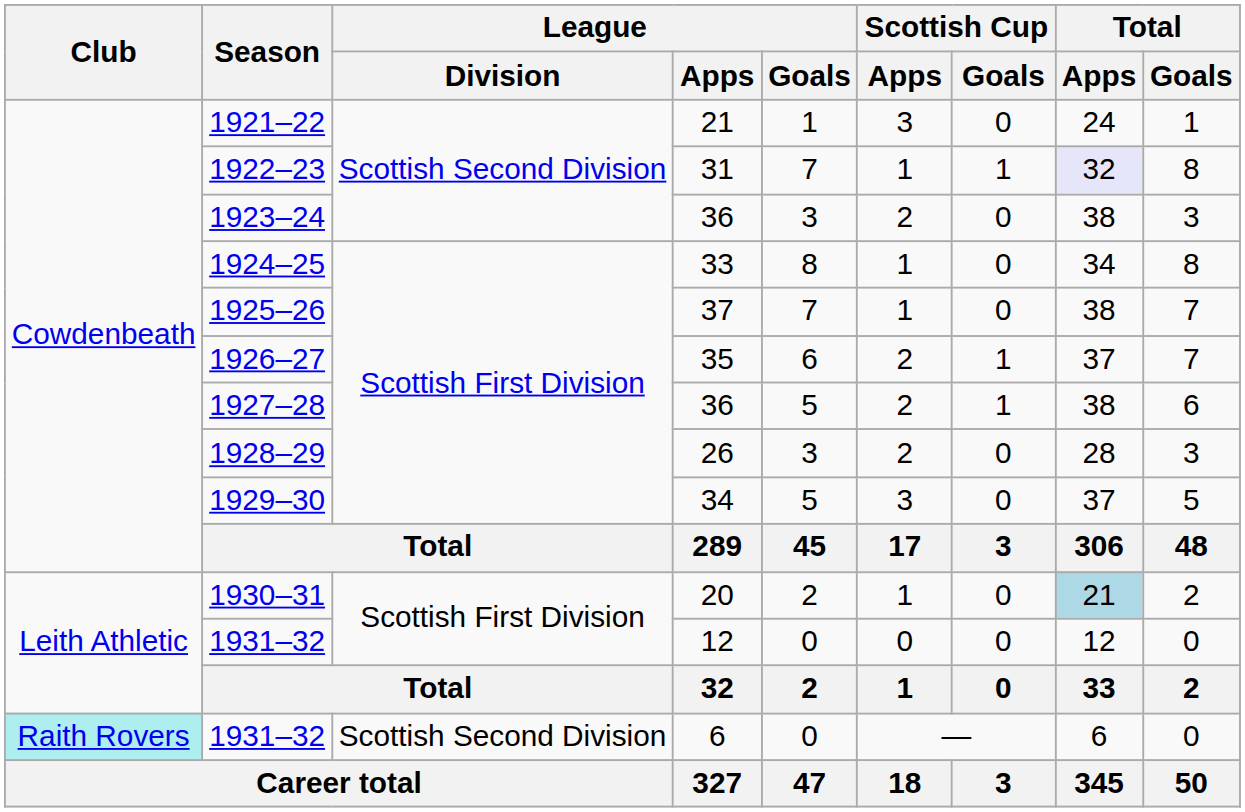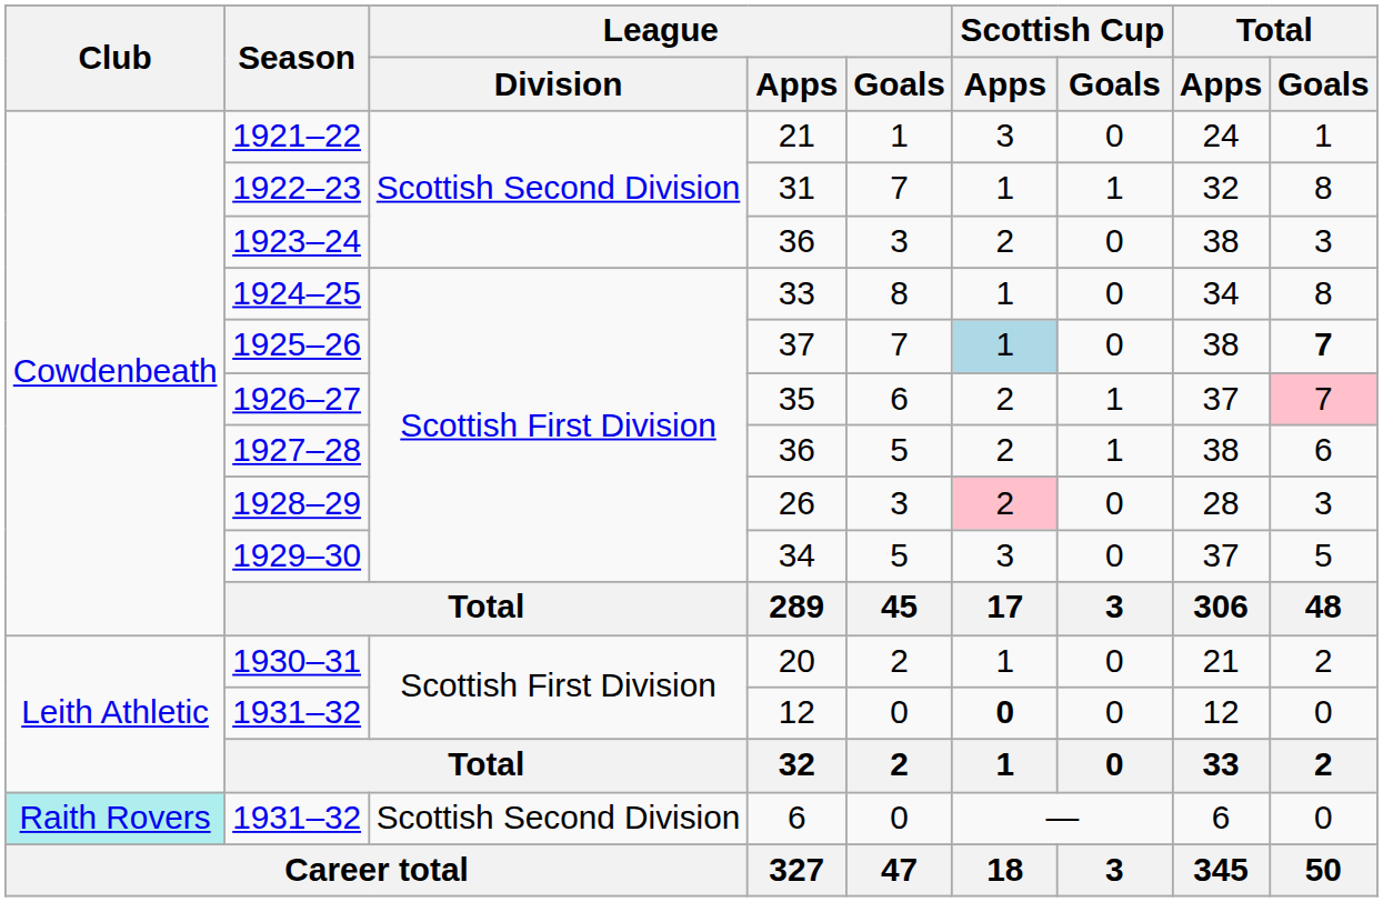 <table class="wikitable" style="text-align: center;">
 <tr>
 <th rowspan="2">Club</th>
 <th rowspan="2">Season</th>
 <th colspan="3">League</th>
 <th colspan="2">Scottish Cup</th>
 <th colspan="2">Total</th>
 </tr>
 <tr>
 <th>Division</th>
 <th>Apps</th>
 <th>Goals</th>
 <th>Apps</th>
 <th>Goals</th>
 <th>Apps</th>
 <th>Goals</th>
 </tr>
 <tr>
 <td rowspan="10"><a href='#'>Cowdenbeath</a></td>
 <td><a href='#'>1921–22</a></td>
 <td rowspan="3"><a href='#'>Scottish Second Division</a></td>
 <td>21</td>
 <td>1</td>
 <td>3</td>
 <td>0</td>
 <td>24</td>
 <td>1</td>
 </tr>
 <tr>
 <td><a href='#'>1922–23</a></td>
 <td>31</td>
 <td>7</td>
 <td>1</td>
 <td>1</td>
-<td style="background: lavender;">32</td>
+<td>32</td>
 <td>8</td>
 </tr>
 <tr>
 <td><a href='#'>1923–24</a></td>
 <td>36</td>
 <td>3</td>
 <td>2</td>
 <td>0</td>
 <td>38</td>
 <td>3</td>
 </tr>
 <tr>
 <td><a href='#'>1924–25</a></td>
 <td rowspan="6"><a href='#'>Scottish First Division</a></td>
 <td>33</td>
 <td>8</td>
 <td>1</td>
 <td>0</td>
 <td>34</td>
 <td>8</td>
 </tr>
 <tr>
 <td><a href='#'>1925–26</a></td>
 <td>37</td>
 <td>7</td>
-<td>1</td>
+<td style="background: lightblue;">1</td>
 <td>0</td>
 <td>38</td>
-<td>7</td>
+<td><strong>7</strong></td>
 </tr>
 <tr>
 <td><a href='#'>1926–27</a></td>
 <td>35</td>
 <td>6</td>
 <td>2</td>
 <td>1</td>
 <td>37</td>
-<td>7</td>
+<td style="background: pink;">7</td>
 </tr>
 <tr>
 <td><a href='#'>1927–28</a></td>
 <td>36</td>
 <td>5</td>
 <td>2</td>
 <td>1</td>
 <td>38</td>
 <td>6</td>
 </tr>
 <tr>
 <td><a href='#'>1928–29</a></td>
 <td>26</td>
 <td>3</td>
-<td>2</td>
+<td style="background: pink;">2</td>
 <td>0</td>
 <td>28</td>
 <td>3</td>
 </tr>
 <tr>
 <td><a href='#'>1929–30</a></td>
 <td>34</td>
 <td>5</td>
 <td>3</td>
 <td>0</td>
 <td>37</td>
 <td>5</td>
 </tr>
 <tr>
 <th colspan="2">Total</th>
 <th>289</th>
 <th>45</th>
 <th>17</th>
 <th>3</th>
 <th>306</th>
 <th>48</th>
 </tr>
 <tr>
 <td rowspan="3"><a href='#'>Leith Athletic</a></td>
 <td><a href='#'>1930–31</a></td>
 <td rowspan="2">Scottish First Division</td>
 <td>20</td>
 <td>2</td>
 <td>1</td>
 <td>0</td>
-<td style="background: lightblue;">21</td>
+<td>21</td>
 <td>2</td>
 </tr>
 <tr>
 <td><a href='#'>1931–32</a></td>
 <td>12</td>
 <td>0</td>
-<td>0</td>
+<td><strong>0</strong></td>
 <td>0</td>
 <td>12</td>
 <td>0</td>
 </tr>
 <tr>
 <th colspan="2">Total</th>
 <th>32</th>
 <th>2</th>
 <th>1</th>
 <th>0</th>
 <th>33</th>
 <th>2</th>
 </tr>
 <tr>
 <td style="background: paleturquoise;"><a href='#'>Raith Rovers</a></td>
 <td><a href='#'>1931–32</a></td>
 <td>Scottish Second Division</td>
 <td>6</td>
 <td>0</td>
 <td colspan="2">—</td>
 <td>6</td>
 <td>0</td>
 </tr>
 <tr>
 <th colspan="3">Career total</th>
 <th>327</th>
 <th>47</th>
 <th>18</th>
 <th>3</th>
 <th>345</th>
 <th>50</th>
 </tr>
 </table>
